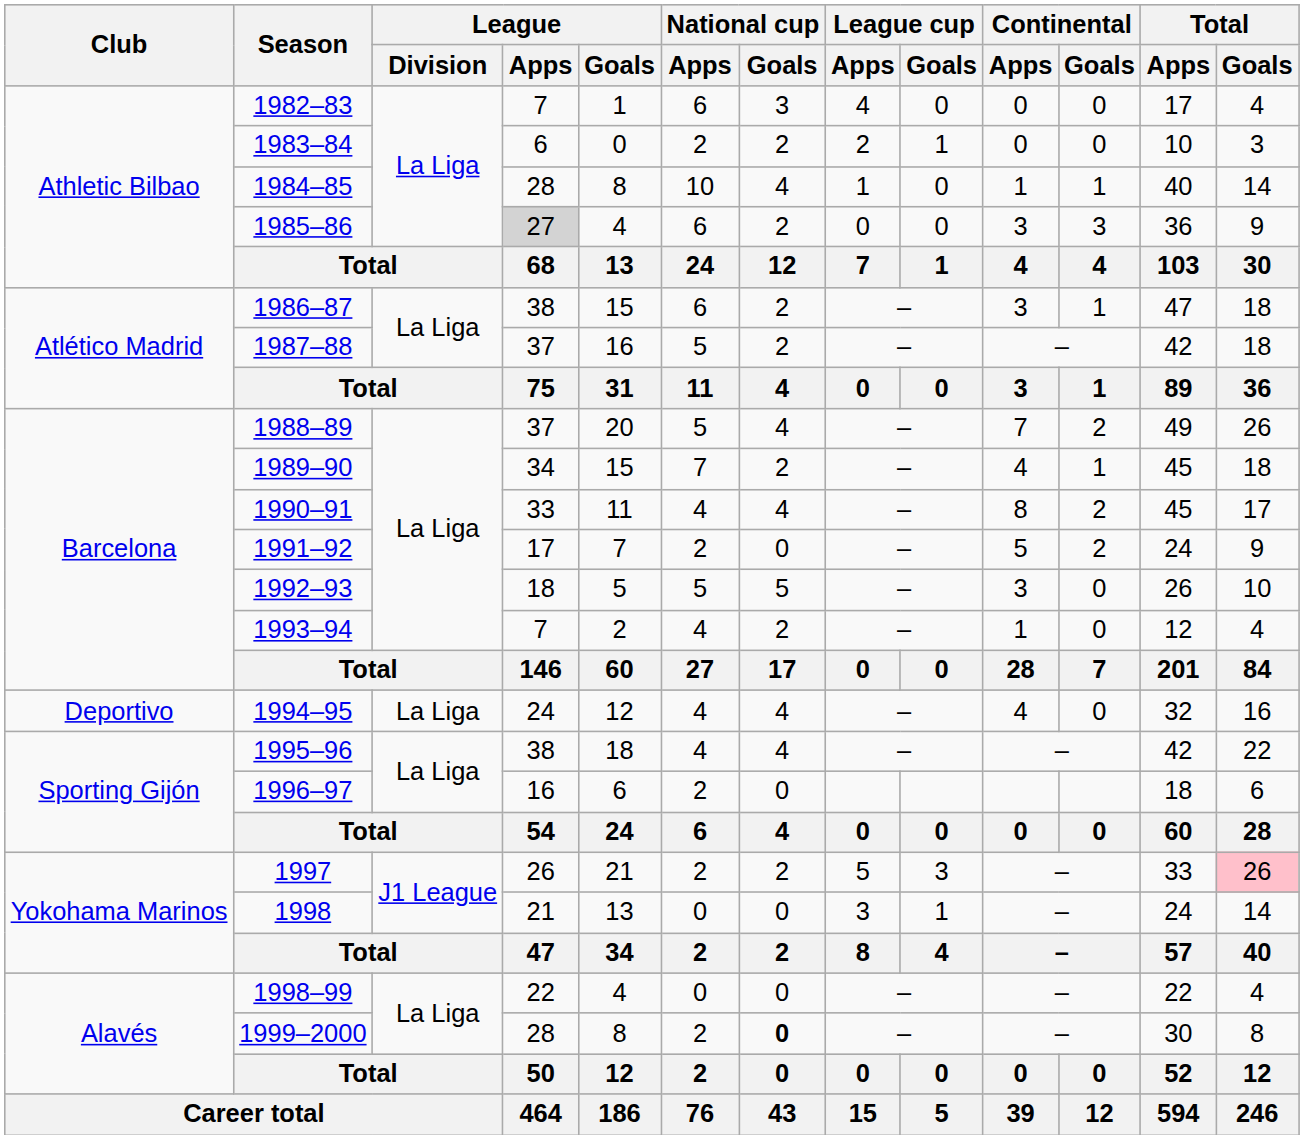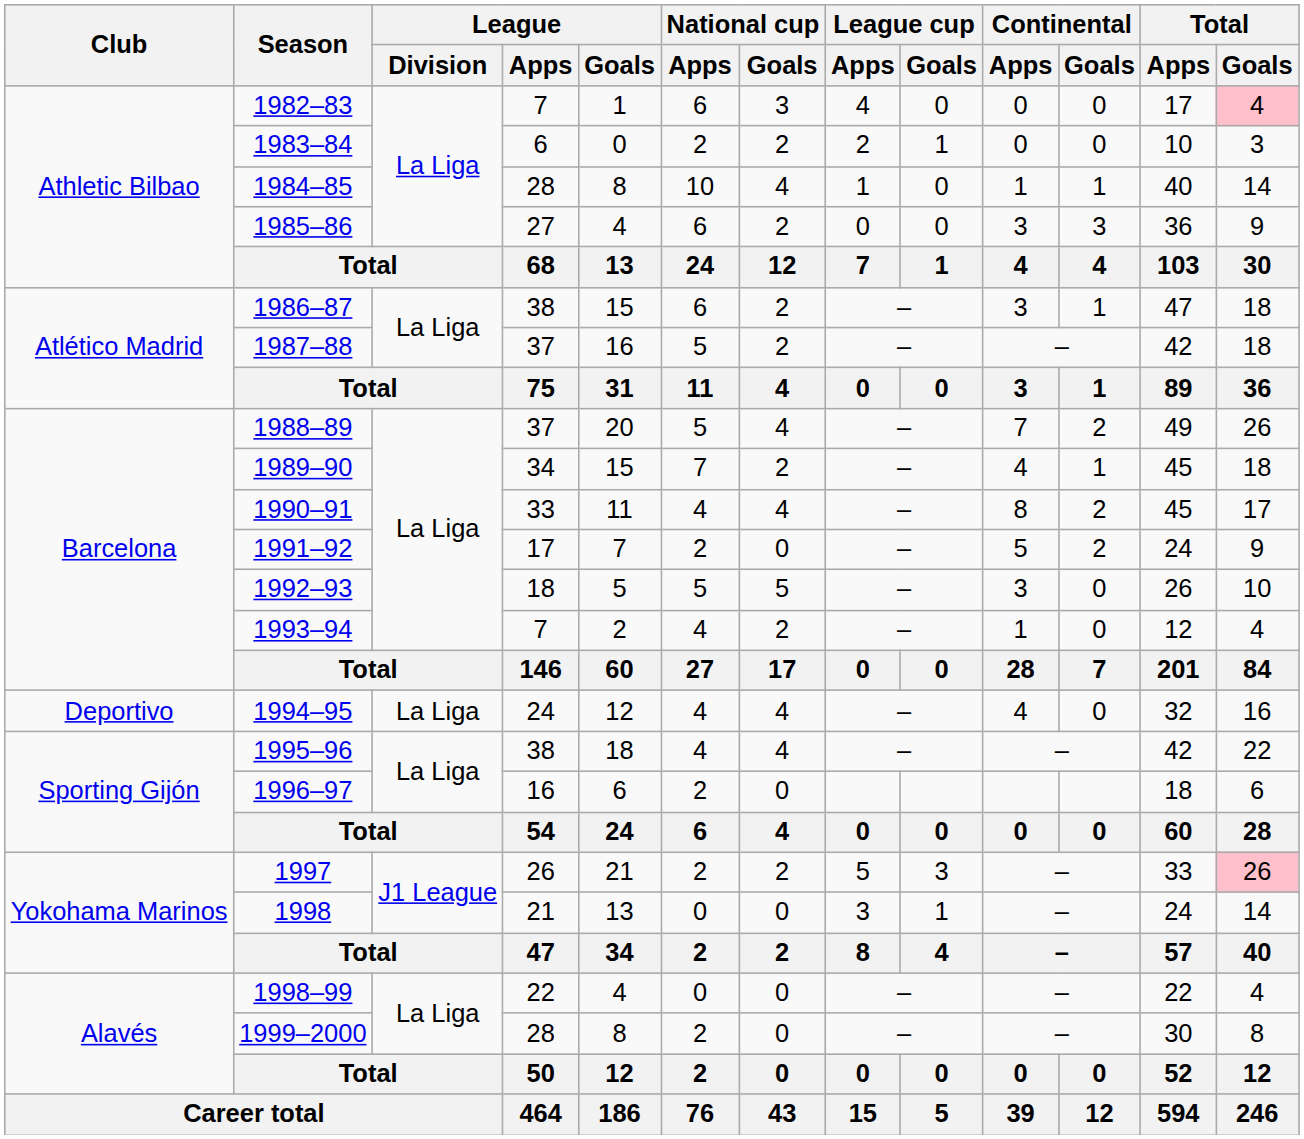 <table class="wikitable" style="text-align:center">
 <tr>
 <th rowspan="2">Club</th>
 <th rowspan="2">Season</th>
 <th colspan="3">League</th>
 <th colspan="2">National cup</th>
 <th colspan="2">League cup</th>
 <th colspan="2">Continental</th>
 <th colspan="2">Total</th>
 </tr>
 <tr>
 <th>Division</th>
 <th>Apps</th>
 <th>Goals</th>
 <th>Apps</th>
 <th>Goals</th>
 <th>Apps</th>
 <th>Goals</th>
 <th>Apps</th>
 <th>Goals</th>
 <th>Apps</th>
 <th>Goals</th>
 </tr>
 <tr>
 <td rowspan="5"><a href='#'>Athletic Bilbao</a></td>
 <td><a href='#'>1982–83</a></td>
 <td rowspan="4"><a href='#'>La Liga</a></td>
 <td>7</td>
 <td>1</td>
 <td>6</td>
 <td>3</td>
 <td>4</td>
 <td>0</td>
 <td>0</td>
 <td>0</td>
 <td>17</td>
-<td>4</td>
+<td style="background: pink;">4</td>
 </tr>
 <tr>
 <td><a href='#'>1983–84</a></td>
 <td>6</td>
 <td>0</td>
 <td>2</td>
 <td>2</td>
 <td>2</td>
 <td>1</td>
 <td>0</td>
 <td>0</td>
 <td>10</td>
 <td>3</td>
 </tr>
 <tr>
 <td><a href='#'>1984–85</a></td>
 <td>28</td>
 <td>8</td>
 <td>10</td>
 <td>4</td>
 <td>1</td>
 <td>0</td>
 <td>1</td>
 <td>1</td>
 <td>40</td>
 <td>14</td>
 </tr>
 <tr>
 <td><a href='#'>1985–86</a></td>
-<td style="background: lightgrey;">27</td>
+<td>27</td>
 <td>4</td>
 <td>6</td>
 <td>2</td>
 <td>0</td>
 <td>0</td>
 <td>3</td>
 <td>3</td>
 <td>36</td>
 <td>9</td>
 </tr>
 <tr>
 <th colspan="2">Total</th>
 <th>68</th>
 <th>13</th>
 <th>24</th>
 <th>12</th>
 <th>7</th>
 <th>1</th>
 <th>4</th>
 <th>4</th>
 <th>103</th>
 <th>30</th>
 </tr>
 <tr>
 <td rowspan="3"><a href='#'>Atlético Madrid</a></td>
 <td><a href='#'>1986–87</a></td>
 <td rowspan="2">La Liga</td>
 <td>38</td>
 <td>15</td>
 <td>6</td>
 <td>2</td>
 <td colspan="2">–</td>
 <td>3</td>
 <td>1</td>
 <td>47</td>
 <td>18</td>
 </tr>
 <tr>
 <td><a href='#'>1987–88</a></td>
 <td>37</td>
 <td>16</td>
 <td>5</td>
 <td>2</td>
 <td colspan="2">–</td>
 <td colspan="2">–</td>
 <td>42</td>
 <td>18</td>
 </tr>
 <tr>
 <th colspan="2">Total</th>
 <th>75</th>
 <th>31</th>
 <th>11</th>
 <th>4</th>
 <th>0</th>
 <th>0</th>
 <th>3</th>
 <th>1</th>
 <th>89</th>
 <th>36</th>
 </tr>
 <tr>
 <td rowspan="7"><a href='#'>Barcelona</a></td>
 <td><a href='#'>1988–89</a></td>
 <td rowspan="6">La Liga</td>
 <td>37</td>
 <td>20</td>
 <td>5</td>
 <td>4</td>
 <td colspan="2">–</td>
 <td>7</td>
 <td>2</td>
 <td>49</td>
 <td>26</td>
 </tr>
 <tr>
 <td><a href='#'>1989–90</a></td>
 <td>34</td>
 <td>15</td>
 <td>7</td>
 <td>2</td>
 <td colspan="2">–</td>
 <td>4</td>
 <td>1</td>
 <td>45</td>
 <td>18</td>
 </tr>
 <tr>
 <td><a href='#'>1990–91</a></td>
 <td>33</td>
 <td>11</td>
 <td>4</td>
 <td>4</td>
 <td colspan="2">–</td>
 <td>8</td>
 <td>2</td>
 <td>45</td>
 <td>17</td>
 </tr>
 <tr>
 <td><a href='#'>1991–92</a></td>
 <td>17</td>
 <td>7</td>
 <td>2</td>
 <td>0</td>
 <td colspan="2">–</td>
 <td>5</td>
 <td>2</td>
 <td>24</td>
 <td>9</td>
 </tr>
 <tr>
 <td><a href='#'>1992–93</a></td>
 <td>18</td>
 <td>5</td>
 <td>5</td>
 <td>5</td>
 <td colspan="2">–</td>
 <td>3</td>
 <td>0</td>
 <td>26</td>
 <td>10</td>
 </tr>
 <tr>
 <td><a href='#'>1993–94</a></td>
 <td>7</td>
 <td>2</td>
 <td>4</td>
 <td>2</td>
 <td colspan="2">–</td>
 <td>1</td>
 <td>0</td>
 <td>12</td>
 <td>4</td>
 </tr>
 <tr>
 <th colspan="2">Total</th>
 <th>146</th>
 <th>60</th>
 <th>27</th>
 <th>17</th>
 <th>0</th>
 <th>0</th>
 <th>28</th>
 <th>7</th>
 <th>201</th>
 <th>84</th>
 </tr>
 <tr>
 <td><a href='#'>Deportivo</a></td>
 <td><a href='#'>1994–95</a></td>
 <td>La Liga</td>
 <td>24</td>
 <td>12</td>
 <td>4</td>
 <td>4</td>
 <td colspan="2">–</td>
 <td>4</td>
 <td>0</td>
 <td>32</td>
 <td>16</td>
 </tr>
 <tr>
 <td rowspan="3"><a href='#'>Sporting Gijón</a></td>
 <td><a href='#'>1995–96</a></td>
 <td rowspan="2">La Liga</td>
 <td>38</td>
 <td>18</td>
 <td>4</td>
 <td>4</td>
 <td colspan="2">–</td>
 <td colspan="2">–</td>
 <td>42</td>
 <td>22</td>
 </tr>
 <tr>
 <td><a href='#'>1996–97</a></td>
 <td>16</td>
 <td>6</td>
 <td>2</td>
 <td>0</td>
 <td></td>
 <td></td>
 <td></td>
 <td></td>
 <td>18</td>
 <td>6</td>
 </tr>
 <tr>
 <th colspan="2">Total</th>
 <th>54</th>
 <th>24</th>
 <th>6</th>
 <th>4</th>
 <th>0</th>
 <th>0</th>
 <th>0</th>
 <th>0</th>
 <th>60</th>
 <th>28</th>
 </tr>
 <tr>
 <td rowspan="3"><a href='#'>Yokohama Marinos</a></td>
 <td><a href='#'>1997</a></td>
 <td rowspan="2"><a href='#'>J1 League</a></td>
 <td>26</td>
 <td>21</td>
 <td>2</td>
 <td>2</td>
 <td>5</td>
 <td>3</td>
 <td colspan="2">–</td>
 <td>33</td>
 <td style="background: pink;">26</td>
 </tr>
 <tr>
 <td><a href='#'>1998</a></td>
 <td>21</td>
 <td>13</td>
 <td>0</td>
 <td>0</td>
 <td>3</td>
 <td>1</td>
 <td colspan="2">–</td>
 <td>24</td>
 <td>14</td>
 </tr>
 <tr>
 <th colspan="2">Total</th>
 <th>47</th>
 <th>34</th>
 <th>2</th>
 <th>2</th>
 <th>8</th>
 <th>4</th>
 <th colspan="2">–</th>
 <th>57</th>
 <th>40</th>
 </tr>
 <tr>
 <td rowspan="3"><a href='#'>Alavés</a></td>
 <td><a href='#'>1998–99</a></td>
 <td rowspan="2">La Liga</td>
 <td>22</td>
 <td>4</td>
 <td>0</td>
 <td>0</td>
 <td colspan="2">–</td>
 <td colspan="2">–</td>
 <td>22</td>
 <td>4</td>
 </tr>
 <tr>
 <td><a href='#'>1999–2000</a></td>
 <td>28</td>
 <td>8</td>
 <td>2</td>
-<td><strong>0</strong></td>
+<td>0</td>
 <td colspan="2">–</td>
 <td colspan="2">–</td>
 <td>30</td>
 <td>8</td>
 </tr>
 <tr>
 <th colspan="2">Total</th>
 <th>50</th>
 <th>12</th>
 <th>2</th>
 <th>0</th>
 <th>0</th>
 <th>0</th>
 <th>0</th>
 <th>0</th>
 <th>52</th>
 <th>12</th>
 </tr>
 <tr>
 <th colspan="3">Career total</th>
 <th>464</th>
 <th>186</th>
 <th>76</th>
 <th>43</th>
 <th>15</th>
 <th>5</th>
 <th>39</th>
 <th>12</th>
 <th>594</th>
 <th>246</th>
 </tr>
 </table>
